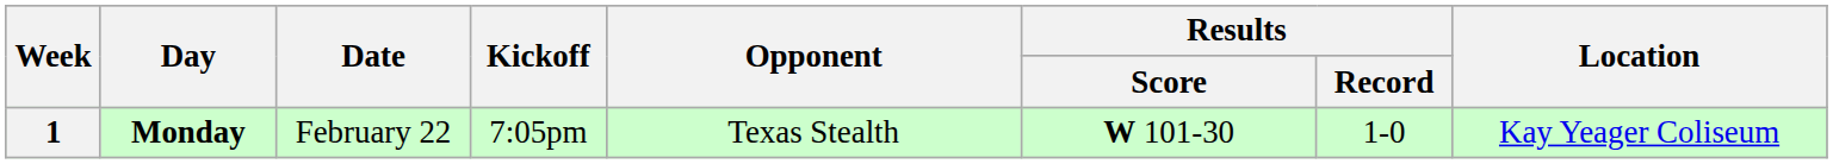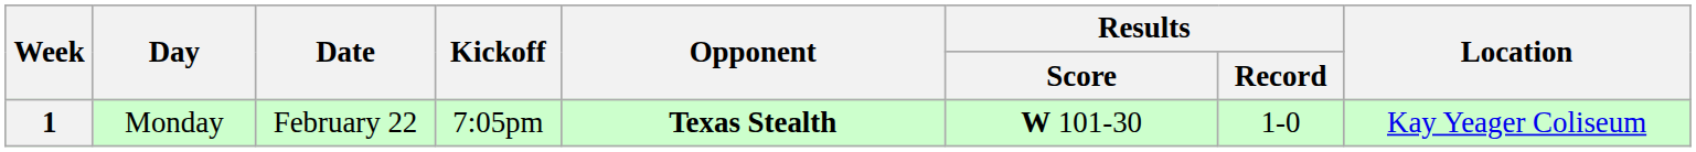 <table class="wikitable">
 <tr>
 <th rowspan="2" width="40">Week</th>
 <th rowspan="2" width="80">Day</th>
 <th rowspan="2" width="90">Date</th>
 <th rowspan="2" width="60">Kickoff</th>
 <th rowspan="2" width="200">Opponent</th>
 <th colspan="2" width="200">Results</th>
 <th rowspan="2" width="180">Location</th>
 </tr>
 <tr>
 <th width="140">Score</th>
 <th width="60">Record</th>
 </tr>
 <tr align="center" bgcolor="#CCFFCC">
 <th>1</th>
-<td><strong>Monday</strong></td>
+<td>Monday</td>
 <td>February 22</td>
 <td>7:05pm</td>
-<td>Texas Stealth</td>
+<td><strong>Texas Stealth</strong></td>
 <td><strong>W</strong> 101-30</td>
 <td>1-0</td>
 <td><a href='#'>Kay Yeager Coliseum</a></td>
 </tr>
 </table>
